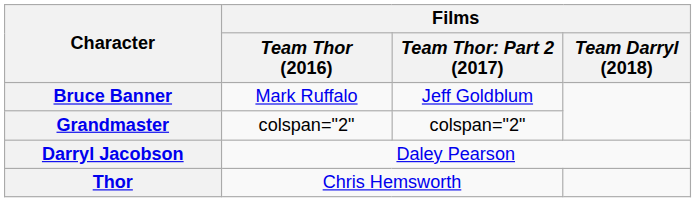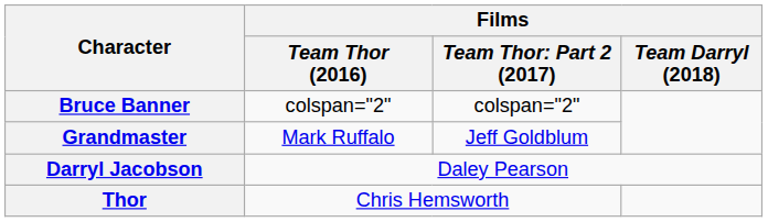 <table class="wikitable" style="text-align: center;">
 <tr>
 <th scope="col" rowspan="2" style="width: 10%";>Character</th>
 <th colspan="3">Films</th>
 </tr>
 <tr>
 <th scope="col" style="width: 7%;"><em>Team Thor</em><br>(2016)</th>
 <th scope="col" style="width: 7%;"><em>Team Thor: Part 2</em><br>(2017)</th>
 <th scope="col" style="width: 7%;"><em>Team Darryl</em><br>(2018)</th>
 </tr>
 <tr>
 <th scope="row"><a href='#'>Bruce Banner</a></th>
-<td><a href='#'>Mark Ruffalo</a></td>
-<td><a href='#'>Jeff Goldblum</a></td>
+<td>colspan="2" </td>
+<td>colspan="2" </td>
 </tr>
 <tr>
 <th scope="row"><a href='#'>Grandmaster</a></th>
-<td>colspan="2" </td>
-<td>colspan="2" </td>
+<td><a href='#'>Mark Ruffalo</a></td>
+<td><a href='#'>Jeff Goldblum</a></td>
 </tr>
 <tr>
 <th scope="row"><a href='#'>Darryl Jacobson</a></th>
 <td colspan="3"><a href='#'>Daley Pearson</a></td>
 </tr>
 <tr>
 <th scope="row"><a href='#'>Thor</a></th>
 <td colspan="2"><a href='#'>Chris Hemsworth</a></td>
 <td></td>
 </tr>
 </table>
